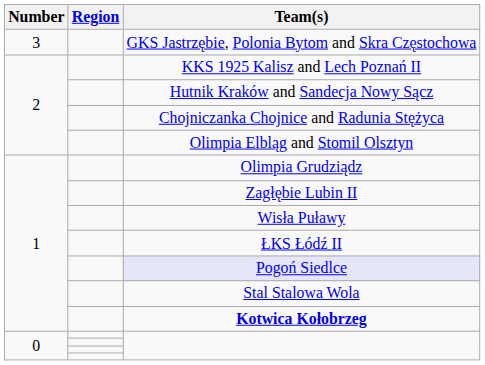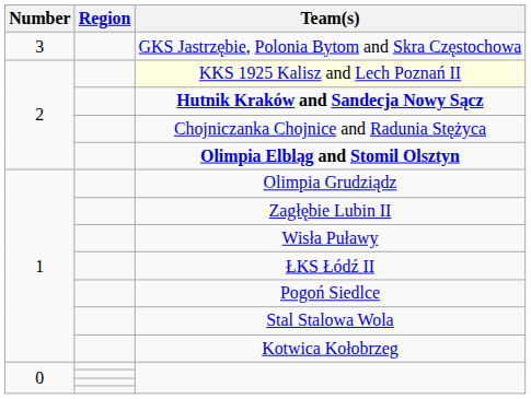 <table class="wikitable" style="text-align:center">
 <tr>
 <th>Number</th>
 <th><a href='#'>Region</a></th>
 <th>Team(s)</th>
 </tr>
 <tr>
 <td>3</td>
 <td align="left"></td>
 <td><a href='#'>GKS Jastrzębie</a>, <a href='#'>Polonia Bytom</a> and <a href='#'>Skra Częstochowa</a></td>
 </tr>
 <tr>
 <td rowspan="4">2</td>
 <td align="left"></td>
-<td><a href='#'>KKS 1925 Kalisz</a> and <a href='#'>Lech Poznań II</a></td>
+<td style="background: lightyellow;"><a href='#'>KKS 1925 Kalisz</a> and <a href='#'>Lech Poznań II</a></td>
 </tr>
 <tr>
 <td align="left"></td>
-<td><a href='#'>Hutnik Kraków</a> and <a href='#'>Sandecja Nowy Sącz</a></td>
+<td><strong><a href='#'>Hutnik Kraków</a> and <a href='#'>Sandecja Nowy Sącz</a></strong></td>
 </tr>
 <tr>
 <td align="left"></td>
 <td><a href='#'>Chojniczanka Chojnice</a> and <a href='#'>Radunia Stężyca</a></td>
 </tr>
 <tr>
 <td align="left"></td>
-<td><a href='#'>Olimpia Elbląg</a> and <a href='#'>Stomil Olsztyn</a></td>
+<td><strong><a href='#'>Olimpia Elbląg</a> and <a href='#'>Stomil Olsztyn</a></strong></td>
 </tr>
 <tr>
 <td rowspan="7">1</td>
 <td align="left"></td>
 <td><a href='#'>Olimpia Grudziądz</a></td>
 </tr>
 <tr>
 <td align="left"></td>
 <td><a href='#'>Zagłębie Lubin II</a></td>
 </tr>
 <tr>
 <td align="left"></td>
 <td><a href='#'>Wisła Puławy</a></td>
 </tr>
 <tr>
 <td align="left"></td>
 <td><a href='#'>ŁKS Łódź II</a></td>
 </tr>
 <tr>
 <td align="left"></td>
-<td style="background: lavender;"><a href='#'>Pogoń Siedlce</a></td>
+<td><a href='#'>Pogoń Siedlce</a></td>
 </tr>
 <tr>
 <td align="left"></td>
 <td><a href='#'>Stal Stalowa Wola</a></td>
 </tr>
 <tr>
 <td align="left"></td>
-<td><strong><a href='#'>Kotwica Kołobrzeg</a></strong></td>
+<td><a href='#'>Kotwica Kołobrzeg</a></td>
 </tr>
 <tr>
 <td rowspan="4">0</td>
 <td align="left"></td>
 </tr>
 <tr>
 <td align="left"></td>
 </tr>
 <tr>
 <td align="left"></td>
 </tr>
 <tr>
 <td align="left"></td>
 </tr>
 </table>
